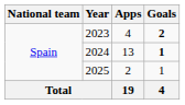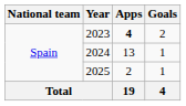 <table class="wikitable" style="text-align:center">
 <tr>
 <th>National team</th>
 <th>Year</th>
 <th>Apps</th>
 <th>Goals</th>
 </tr>
 <tr>
 <td rowspan="3"><a href='#'>Spain</a></td>
 <td>2023</td>
-<td>4</td>
-<td><strong>2</strong></td>
+<td><strong>4</strong></td>
+<td>2</td>
 </tr>
 <tr>
 <td>2024</td>
 <td>13</td>
-<td><strong>1</strong></td>
+<td>1</td>
 </tr>
 <tr>
 <td>2025</td>
 <td>2</td>
 <td>1</td>
 </tr>
 <tr>
 <th colspan="2">Total</th>
 <th>19</th>
 <th>4</th>
 </tr>
 </table>
